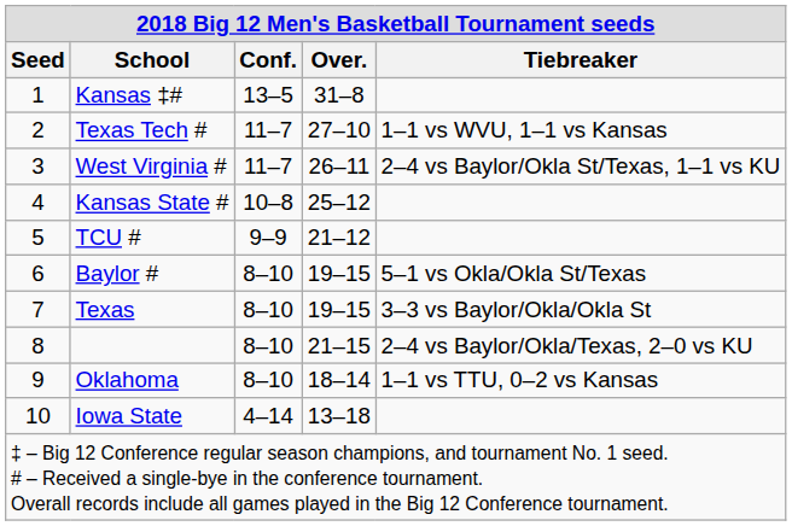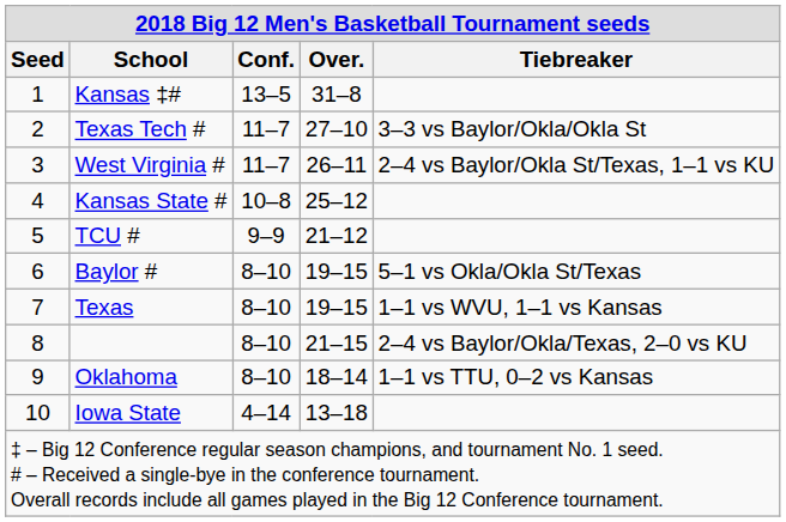 <table class="wikitable" style="white-space:nowrap; font-size:90%;text-align:center">
 <tr>
 <td colspan="10" style="text-align:center; background:#DDDDDD; font:#000000"><strong><a href='#'>2018 Big 12 Men's Basketball Tournament seeds</a></strong></td>
 </tr>
 <tr bgcolor="#efefef">
 <th>Seed</th>
 <th>School</th>
 <th>Conf.</th>
 <th>Over.</th>
 <th>Tiebreaker</th>
 </tr>
 <tr>
 <td>1</td>
 <td align=left><a href='#'>Kansas</a> ‡#</td>
 <td>13–5</td>
 <td>31–8</td>
 <td></td>
 </tr>
 <tr>
 <td>2</td>
 <td align=left><a href='#'>Texas Tech</a> #</td>
 <td>11–7</td>
 <td>27–10</td>
-<td align=left>1–1 vs WVU, 1–1 vs Kansas</td>
+<td align=left>3–3 vs Baylor/Okla/Okla St</td>
 </tr>
 <tr>
 <td>3</td>
 <td align=left><a href='#'>West Virginia</a> #</td>
 <td>11–7</td>
 <td>26–11</td>
 <td align=left>2–4 vs Baylor/Okla St/Texas, 1–1 vs KU</td>
 </tr>
 <tr>
 <td>4</td>
 <td align=left><a href='#'>Kansas State</a> #</td>
 <td>10–8</td>
 <td>25–12</td>
 <td></td>
 </tr>
 <tr>
 <td>5</td>
 <td align=left><a href='#'>TCU</a> #</td>
 <td>9–9</td>
 <td>21–12</td>
 <td></td>
 </tr>
 <tr>
 <td>6</td>
 <td align=left><a href='#'>Baylor</a> #</td>
 <td>8–10</td>
 <td>19–15</td>
 <td align=left>5–1 vs Okla/Okla St/Texas</td>
 </tr>
 <tr>
 <td>7</td>
 <td align=left><a href='#'>Texas</a></td>
 <td>8–10</td>
 <td>19–15</td>
-<td align=left>3–3 vs Baylor/Okla/Okla St</td>
+<td align=left>1–1 vs WVU, 1–1 vs Kansas</td>
 </tr>
 <tr>
 <td>8</td>
 <td align=left></td>
 <td>8–10</td>
 <td>21–15</td>
 <td align=left>2–4 vs Baylor/Okla/Texas, 2–0 vs KU</td>
 </tr>
 <tr>
 <td>9</td>
 <td align=left><a href='#'>Oklahoma</a></td>
 <td>8–10</td>
 <td>18–14</td>
 <td align=left>1–1 vs TTU, 0–2 vs Kansas</td>
 </tr>
 <tr>
 <td>10</td>
 <td align=left><a href='#'>Iowa State</a></td>
 <td>4–14</td>
 <td>13–18</td>
 <td></td>
 </tr>
 <tr>
 <td colspan="10" style="text-align:left;"><small>‡ – Big 12 Conference regular season champions, and tournament No. 1 seed.<br># – Received a single-bye in the conference tournament.<br>Overall records include all games played in the Big 12 Conference tournament.</small></td>
 </tr>
 </table>
